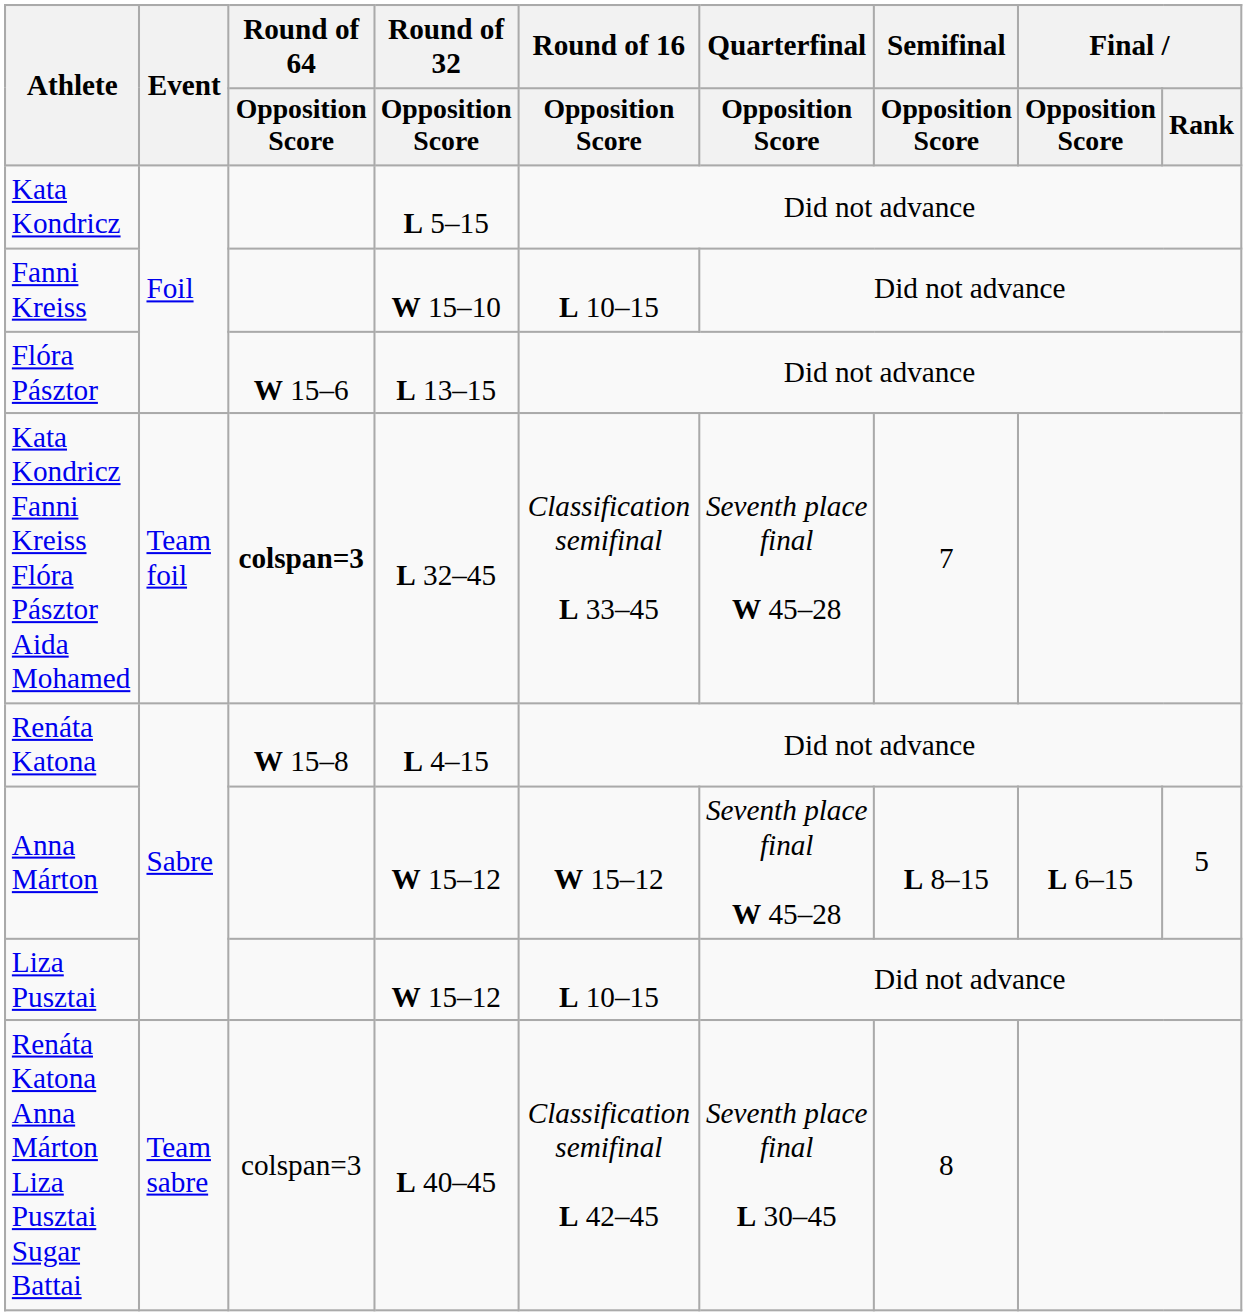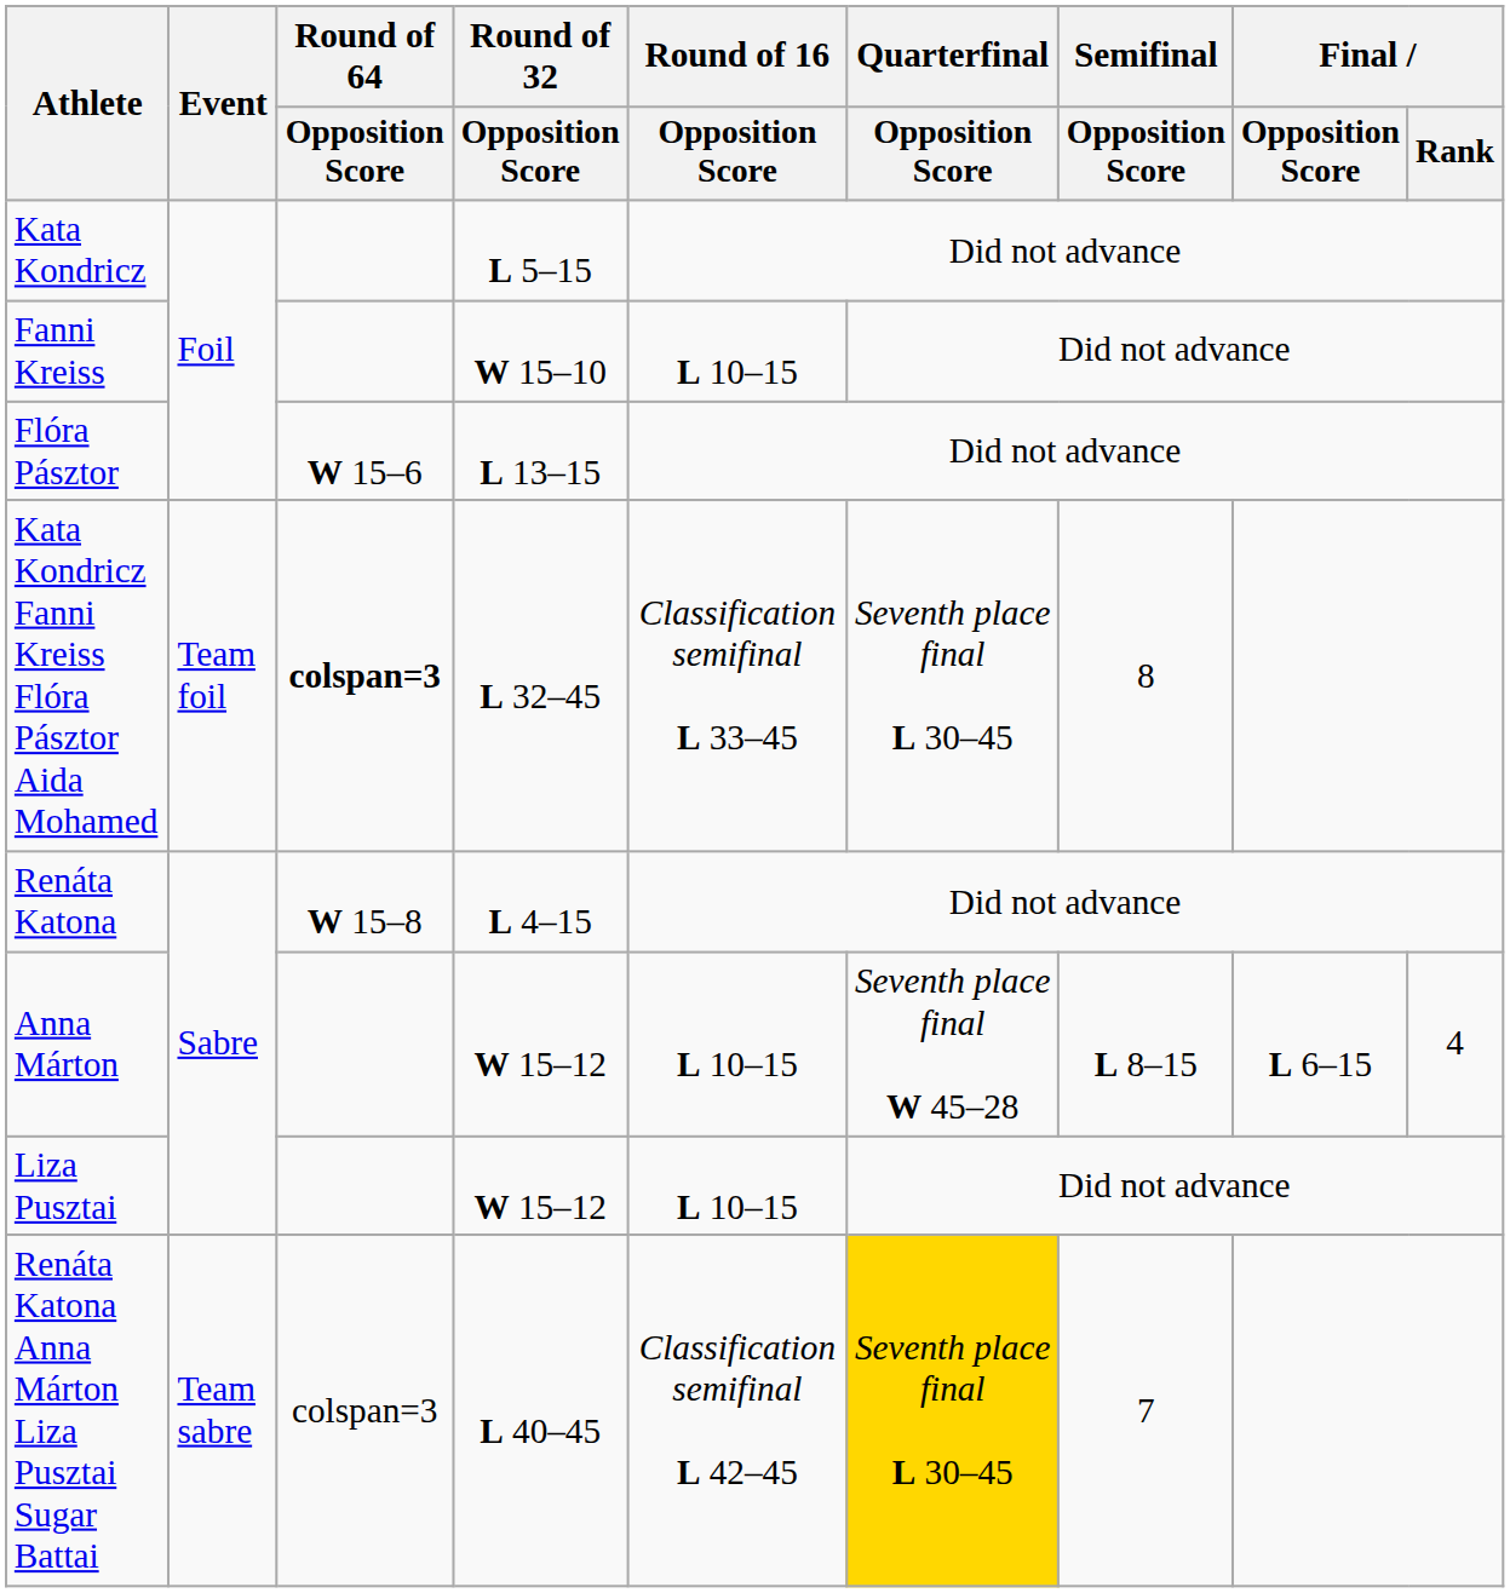 <table class="wikitable" style="font-size:90%">
 <tr>
 <th rowspan="2">Athlete</th>
 <th rowspan="2">Event</th>
 <th>Round of 64</th>
 <th>Round of 32</th>
 <th>Round of 16</th>
 <th>Quarterfinal</th>
 <th>Semifinal</th>
 <th colspan=2>Final / </th>
 </tr>
 <tr style="font-size:95%">
 <th>Opposition <br> Score</th>
 <th>Opposition <br> Score</th>
 <th>Opposition <br> Score</th>
 <th>Opposition <br> Score</th>
 <th>Opposition <br> Score</th>
 <th>Opposition <br> Score</th>
 <th>Rank</th>
 </tr>
 <tr align=center>
 <td align=left><a href='#'>Kata Kondricz</a></td>
 <td align=left rowspan=3><a href='#'>Foil</a></td>
 <td></td>
 <td><br><strong>L</strong> 5–15</td>
 <td colspan=5>Did not advance</td>
 </tr>
 <tr align=center>
 <td align=left><a href='#'>Fanni Kreiss</a></td>
 <td></td>
 <td><br><strong>W</strong> 15–10</td>
 <td><br><strong>L</strong> 10–15</td>
 <td colspan=4>Did not advance</td>
 </tr>
 <tr align=center>
 <td align=left><a href='#'>Flóra Pásztor</a></td>
 <td><br><strong>W</strong> 15–6</td>
 <td><br><strong>L</strong> 13–15</td>
 <td colspan=5>Did not advance</td>
 </tr>
 <tr align=center>
 <td align=left><a href='#'>Kata Kondricz</a><br><a href='#'>Fanni Kreiss</a><br><a href='#'>Flóra Pásztor</a><br><a href='#'>Aida Mohamed</a></td>
 <td align=left><a href='#'>Team foil</a></td>
 <td><strong>colspan=3 </strong></td>
 <td><br><strong>L</strong> 32–45</td>
 <td><em>Classification semifinal</em><br><br><strong>L</strong> 33–45</td>
-<td><em>Seventh place final</em><br><br><strong>W</strong> 45–28</td>
-<td>7</td>
+<td><em>Seventh place final</em><br><br><strong>L</strong> 30–45</td>
+<td>8</td>
 </tr>
 <tr align=center>
 <td align=left><a href='#'>Renáta Katona</a></td>
 <td align=left rowspan=3><a href='#'>Sabre</a></td>
 <td><br><strong>W</strong> 15–8</td>
 <td><br><strong>L</strong> 4–15</td>
 <td colspan=5>Did not advance</td>
 </tr>
 <tr align=center>
 <td align=left><a href='#'>Anna Márton</a></td>
 <td></td>
 <td><br><strong>W</strong> 15–12</td>
-<td><br><strong>W</strong> 15–12</td>
+<td><br><strong>L</strong> 10–15</td>
 <td><em>Seventh place final</em><br><br><strong>W</strong> 45–28</td>
 <td><br><strong>L</strong> 8–15</td>
 <td><br><strong>L</strong> 6–15</td>
-<td>5</td>
+<td>4</td>
 </tr>
 <tr align=center>
 <td align=left><a href='#'>Liza Pusztai</a></td>
 <td></td>
 <td><br><strong>W</strong> 15–12</td>
 <td><br><strong>L</strong> 10–15</td>
 <td colspan=4>Did not advance</td>
 </tr>
 <tr align=center>
 <td align=left><a href='#'>Renáta Katona</a><br><a href='#'>Anna Márton</a><br><a href='#'>Liza Pusztai</a><br><a href='#'>Sugar Battai</a></td>
 <td align=left><a href='#'>Team sabre</a></td>
 <td>colspan=3 </td>
 <td><br><strong>L</strong> 40–45</td>
 <td><em>Classification semifinal</em><br><br><strong>L</strong> 42–45</td>
-<td><em>Seventh place final</em><br><br><strong>L</strong> 30–45</td>
-<td>8</td>
+<td style="background: gold;"><em>Seventh place final</em><br><br><strong>L</strong> 30–45</td>
+<td>7</td>
 </tr>
 </table>
